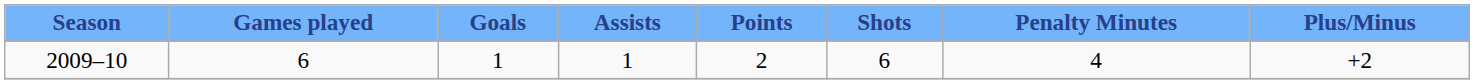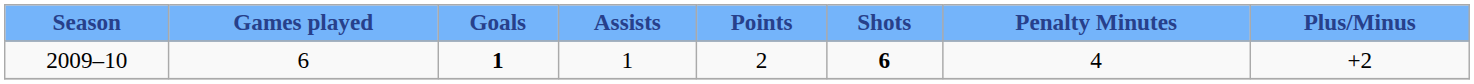 <table class="wikitable" width="80%">
 <tr align="center" style="background:#74B4FA;color:#27408B;">
 <td><strong>Season</strong></td>
 <td><strong>Games played</strong></td>
 <td><strong>Goals</strong></td>
 <td><strong>Assists</strong></td>
 <td><strong>Points</strong></td>
 <td><strong>Shots</strong></td>
 <td><strong>Penalty Minutes</strong></td>
 <td><strong>Plus/Minus</strong></td>
 </tr>
 <tr align="center" bgcolor="">
 <td>2009–10</td>
 <td>6</td>
-<td>1</td>
+<td><strong>1</strong></td>
 <td>1</td>
 <td>2</td>
-<td>6</td>
+<td><strong>6</strong></td>
 <td>4</td>
 <td>+2</td>
 </tr>
 <tr align="center" bgcolor="">
 </tr>
 </table>
